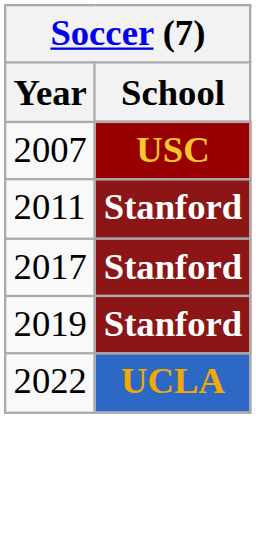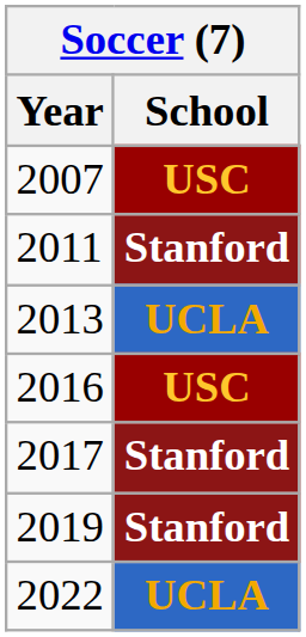 <table class="wikitable">
 <tr>
 <th colspan=2><a href='#'>Soccer</a> (7)</th>
 </tr>
 <tr>
 <th>Year</th>
 <th>School</th>
 </tr>
 <tr>
 <td>2007</td>
 <th style="background:#990000; color:#FFC72C;">USC</th>
 </tr>
 <tr>
 <td>2011</td>
 <th style="background:#8C1515; color:#FFFFFF;">Stanford</th>
 </tr>
 <tr>
+<td>2013</td>
+<th style="background:#2D68C4; color:#F2A900;">UCLA</th>
+</tr>
+<tr>
+<td>2016</td>
+<th style="background:#990000; color:#FFC72C;">USC</th>
+</tr>
+<tr>
 <td>2017</td>
 <th style="background:#8C1515; color:#FFFFFF;">Stanford</th>
 </tr>
 <tr>
 <td>2019</td>
 <th style="background:#8C1515; color:#FFFFFF;">Stanford</th>
 </tr>
 <tr>
 <td>2022</td>
 <th style="background:#2D68C4; color:#F2A900;">UCLA</th>
 </tr>
 </table>
